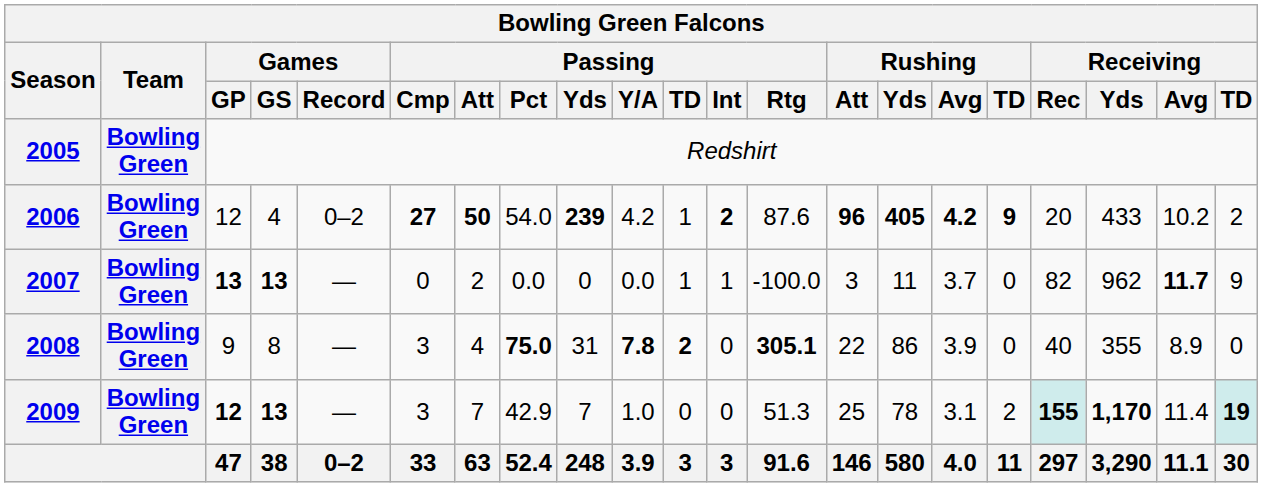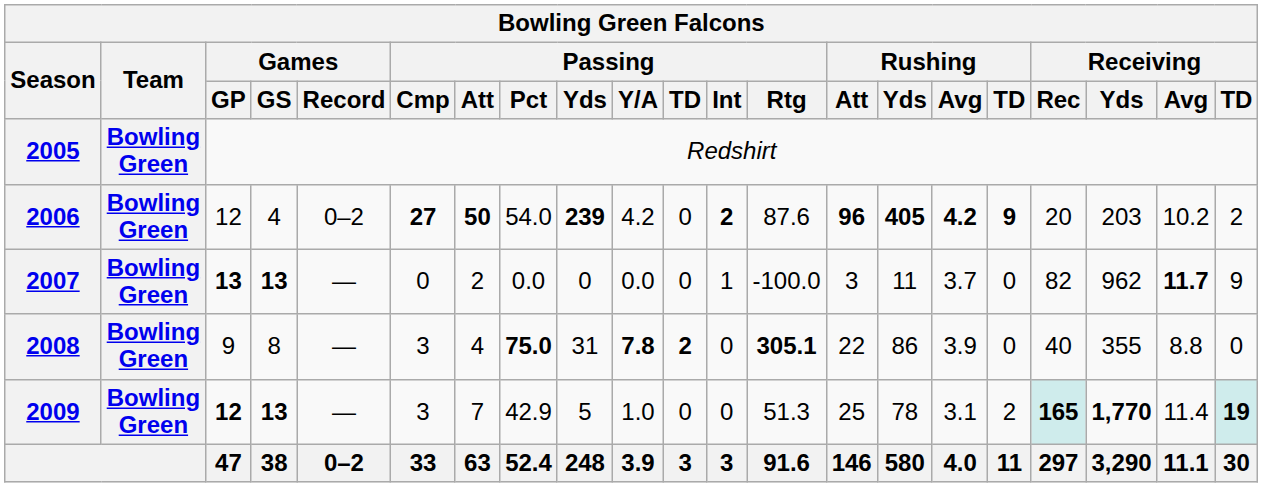 <table class=wikitable style="text-align:center;">
 <tr>
 <th colspan="23">Bowling Green Falcons</th>
 </tr>
 <tr>
 <th rowspan="2">Season</th>
 <th rowspan="2">Team</th>
 <th colspan="3">Games</th>
 <th colspan="8">Passing</th>
 <th colspan="4">Rushing</th>
 <th colspan="4">Receiving</th>
 </tr>
 <tr>
 <th>GP</th>
 <th>GS</th>
 <th>Record</th>
 <th>Cmp</th>
 <th>Att</th>
 <th>Pct</th>
 <th>Yds</th>
 <th>Y/A</th>
 <th>TD</th>
 <th>Int</th>
 <th>Rtg</th>
 <th>Att</th>
 <th>Yds</th>
 <th>Avg</th>
 <th>TD</th>
 <th>Rec</th>
 <th>Yds</th>
 <th>Avg</th>
 <th>TD</th>
 </tr>
 <tr>
 <th><a href='#'>2005</a></th>
 <th><a href='#'>Bowling Green</a></th>
 <td colspan="22"><em>Redshirt </em></td>
 </tr>
 <tr>
 <th><a href='#'>2006</a></th>
 <th><a href='#'>Bowling Green</a></th>
 <td>12</td>
 <td>4</td>
 <td>0–2</td>
 <td><strong>27</strong></td>
 <td><strong>50</strong></td>
 <td>54.0</td>
 <td><strong>239</strong></td>
 <td>4.2</td>
-<td>1</td>
+<td>0</td>
 <td><strong>2</strong></td>
 <td>87.6</td>
 <td><strong>96</strong></td>
 <td><strong>405</strong></td>
 <td><strong>4.2</strong></td>
 <td><strong>9</strong></td>
 <td>20</td>
-<td>433</td>
+<td>203</td>
 <td>10.2</td>
 <td>2</td>
 </tr>
 <tr>
 <th><a href='#'>2007</a></th>
 <th><a href='#'>Bowling Green</a></th>
 <td><strong>13</strong></td>
 <td><strong>13</strong></td>
 <td>—</td>
 <td>0</td>
 <td>2</td>
 <td>0.0</td>
 <td>0</td>
 <td>0.0</td>
-<td>1</td>
+<td>0</td>
 <td>1</td>
 <td>-100.0</td>
 <td>3</td>
 <td>11</td>
 <td>3.7</td>
 <td>0</td>
 <td>82</td>
 <td>962</td>
 <td><strong>11.7</strong></td>
 <td>9</td>
 </tr>
 <tr>
 <th><a href='#'>2008</a></th>
 <th><a href='#'>Bowling Green</a></th>
 <td>9</td>
 <td>8</td>
 <td>—</td>
 <td>3</td>
 <td>4</td>
 <td><strong>75.0</strong></td>
 <td>31</td>
 <td><strong>7.8</strong></td>
 <td><strong>2</strong></td>
 <td>0</td>
 <td><strong>305.1</strong></td>
 <td>22</td>
 <td>86</td>
 <td>3.9</td>
 <td>0</td>
 <td>40</td>
 <td>355</td>
-<td>8.9</td>
+<td>8.8</td>
 <td>0</td>
 </tr>
 <tr>
 <th><a href='#'>2009</a></th>
 <th><a href='#'>Bowling Green</a></th>
 <td><strong>12</strong></td>
 <td><strong>13</strong></td>
 <td>—</td>
 <td>3</td>
 <td>7</td>
 <td>42.9</td>
-<td>7</td>
+<td>5</td>
 <td>1.0</td>
 <td>0</td>
 <td>0</td>
 <td>51.3</td>
 <td>25</td>
 <td>78</td>
 <td>3.1</td>
 <td>2</td>
-<td style="background:#cfecec;"><strong>155</strong></td>
-<td><strong>1,170</strong></td>
+<td style="background:#cfecec;"><strong>165</strong></td>
+<td><strong>1,770</strong></td>
 <td>11.4</td>
 <td style="background:#cfecec;"><strong>19</strong></td>
 </tr>
 <tr>
 <th colspan="2"></th>
 <th>47</th>
 <th>38</th>
 <th>0–2</th>
 <th>33</th>
 <th>63</th>
 <th>52.4</th>
 <th>248</th>
 <th>3.9</th>
 <th>3</th>
 <th>3</th>
 <th>91.6</th>
 <th>146</th>
 <th>580</th>
 <th>4.0</th>
 <th>11</th>
 <th>297</th>
 <th>3,290</th>
 <th>11.1</th>
 <th>30</th>
 </tr>
 </table>
